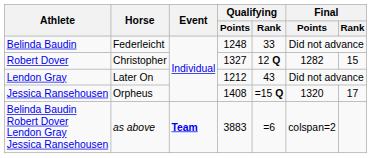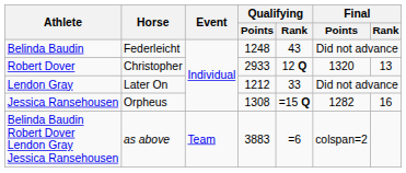 <table class=wikitable style=font-size:90%;text-align:center>
 <tr>
 <th rowspan=2>Athlete</th>
 <th rowspan=2>Horse</th>
 <th rowspan=2>Event</th>
 <th colspan=2>Qualifying</th>
 <th colspan=2>Final</th>
 </tr>
 <tr style=font-size:95%>
 <th>Points</th>
 <th>Rank</th>
 <th>Points</th>
 <th>Rank</th>
 </tr>
 <tr>
 <td align=left><a href='#'>Belinda Baudin</a></td>
 <td align=left>Federleicht</td>
 <td align=left rowspan=4><a href='#'>Individual</a></td>
 <td>1248</td>
-<td>33</td>
+<td>43</td>
 <td colspan=2>Did not advance</td>
 </tr>
 <tr>
 <td align=left><a href='#'>Robert Dover</a></td>
 <td align=left>Christopher</td>
-<td>1327</td>
+<td>2933</td>
 <td>12 <strong>Q</strong></td>
-<td>1282</td>
-<td>15</td>
+<td>1320</td>
+<td>13</td>
 </tr>
 <tr>
 <td align=left><a href='#'>Lendon Gray</a></td>
 <td align=left>Later On</td>
 <td>1212</td>
-<td>43</td>
+<td>33</td>
 <td colspan=2>Did not advance</td>
 </tr>
 <tr>
 <td align=left><a href='#'>Jessica Ransehousen</a></td>
 <td align=left>Orpheus</td>
-<td>1408</td>
+<td>1308</td>
 <td>=15 <strong>Q</strong></td>
-<td>1320</td>
-<td>17</td>
+<td>1282</td>
+<td>16</td>
 </tr>
 <tr>
 <td align=left><a href='#'>Belinda Baudin</a><br><a href='#'>Robert Dover</a><br><a href='#'>Lendon Gray</a><br><a href='#'>Jessica Ransehousen</a></td>
 <td align=left><em>as above</em></td>
-<td align=left><strong><a href='#'>Team</a></strong></td>
+<td align=left><a href='#'>Team</a></td>
 <td>3883</td>
 <td>=6</td>
 <td>colspan=2 </td>
 </tr>
 </table>
